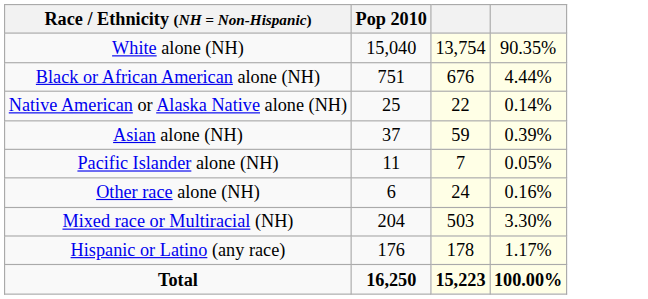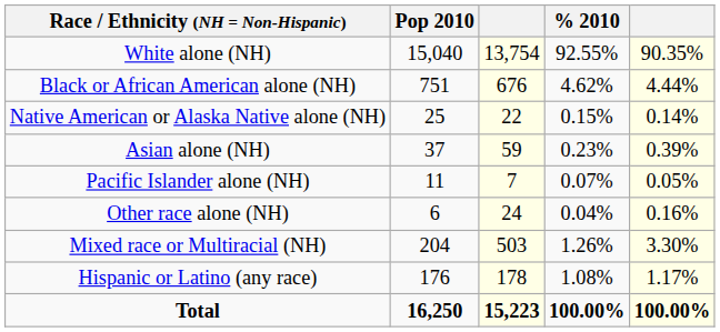 <table class="wikitable" style="text-align:center;">
 <tr>
 <th>Race / Ethnicity <small>(<em>NH = Non-Hispanic</em>)</small></th>
 <th>Pop 2010</th>
 <th></th>
+<th>% 2010</th>
 <th></th>
 </tr>
 <tr>
 <td><a href='#'>White</a> alone (NH)</td>
 <td>15,040</td>
 <td style='background: #ffffe6;'>13,754</td>
+<td>92.55%</td>
 <td style='background: #ffffe6;'>90.35%</td>
 </tr>
 <tr>
 <td><a href='#'>Black or African American</a> alone (NH)</td>
 <td>751</td>
 <td style='background: #ffffe6;'>676</td>
+<td>4.62%</td>
 <td style='background: #ffffe6;'>4.44%</td>
 </tr>
 <tr>
 <td><a href='#'>Native American</a> or <a href='#'>Alaska Native</a> alone (NH)</td>
 <td>25</td>
 <td style='background: #ffffe6;'>22</td>
+<td>0.15%</td>
 <td style='background: #ffffe6;'>0.14%</td>
 </tr>
 <tr>
 <td><a href='#'>Asian</a> alone (NH)</td>
 <td>37</td>
 <td style='background: #ffffe6;'>59</td>
+<td>0.23%</td>
 <td style='background: #ffffe6;'>0.39%</td>
 </tr>
 <tr>
 <td><a href='#'>Pacific Islander</a> alone (NH)</td>
 <td>11</td>
 <td style='background: #ffffe6;'>7</td>
+<td>0.07%</td>
 <td style='background: #ffffe6;'>0.05%</td>
 </tr>
 <tr>
 <td><a href='#'>Other race</a> alone (NH)</td>
 <td>6</td>
 <td style='background: #ffffe6;'>24</td>
+<td>0.04%</td>
 <td style='background: #ffffe6;'>0.16%</td>
 </tr>
 <tr>
 <td><a href='#'>Mixed race or Multiracial</a> (NH)</td>
 <td>204</td>
 <td style='background: #ffffe6;'>503</td>
+<td>1.26%</td>
 <td style='background: #ffffe6;'>3.30%</td>
 </tr>
 <tr>
 <td><a href='#'>Hispanic or Latino</a> (any race)</td>
 <td>176</td>
 <td style='background: #ffffe6;'>178</td>
+<td>1.08%</td>
 <td style='background: #ffffe6;'>1.17%</td>
 </tr>
 <tr>
 <td><strong>Total</strong></td>
 <td><strong>16,250</strong></td>
 <td style='background: #ffffe6;'><strong>15,223</strong></td>
+<td><strong>100.00%</strong></td>
 <td style='background: #ffffe6;'><strong>100.00%</strong></td>
 </tr>
 </table>
